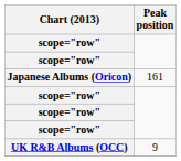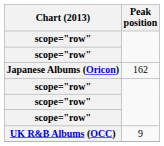 <table class="wikitable sortable plainrowheaders" style="text-align:center">
 <tr>
 <th scope="col">Chart (2013)</th>
 <th scope="col">Peak<br>position</th>
 </tr>
 <tr>
 <th>scope="row" </th>
 </tr>
 <tr>
 <th>scope="row" </th>
 </tr>
 <tr>
 <th scope="row">Japanese Albums (<a href='#'>Oricon</a>)</th>
-<td align="center">161</td>
+<td align="center">162</td>
 </tr>
 <tr>
 <th>scope="row" </th>
 </tr>
 <tr>
 <th>scope="row" </th>
 </tr>
 <tr>
 <th>scope="row" </th>
 </tr>
 <tr>
 <th scope="row"><a href='#'>UK R&B Albums</a> (<a href='#'>OCC</a>)</th>
 <td style="text-align:center;">9</td>
 </tr>
 <tr>
 </tr>
 <tr>
 </tr>
 <tr>
 </tr>
 </table>
